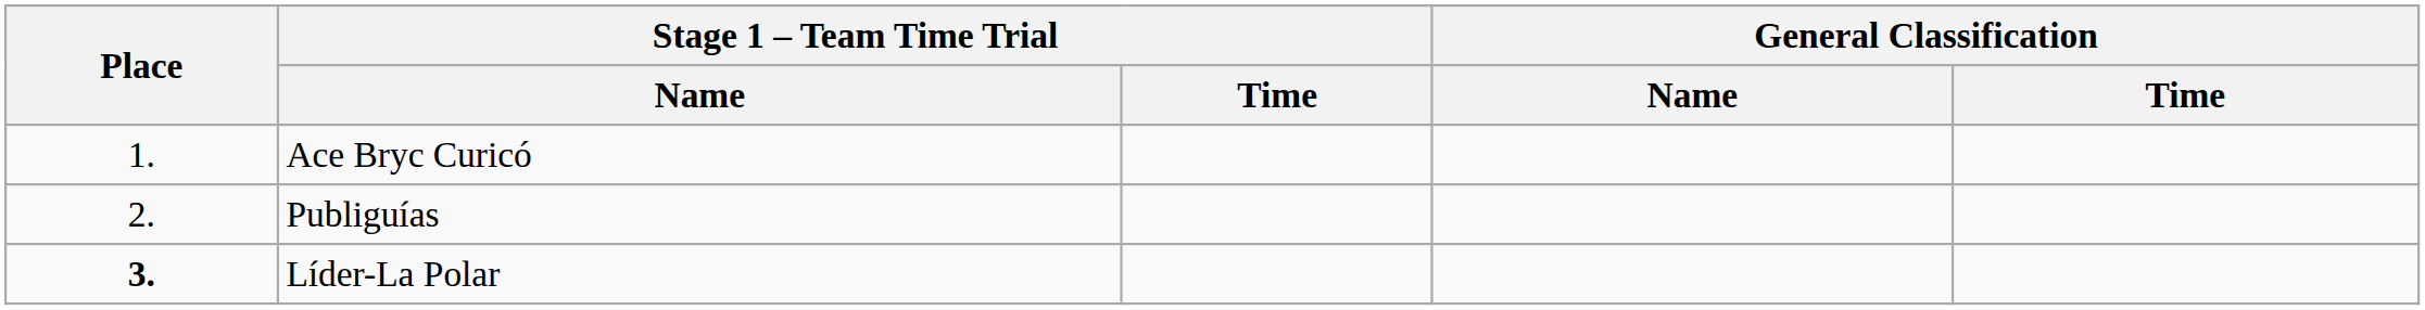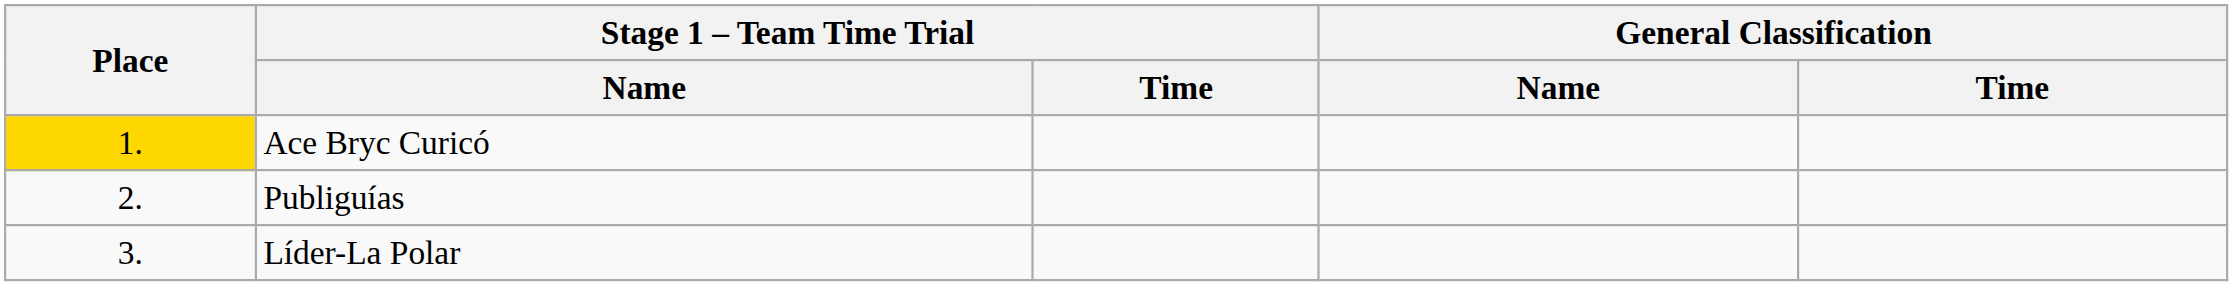 <table class=wikitable style="font-size:95%" width="80%">
 <tr>
 <th rowspan="2">Place</th>
 <th colspan="2">Stage 1 – Team Time Trial</th>
 <th colspan="2">General Classification</th>
 </tr>
 <tr>
 <th>Name</th>
 <th>Time</th>
 <th>Name</th>
 <th>Time</th>
 </tr>
 <tr>
-<td align="center">1.</td>
+<td align="center" style="background: gold;">1.</td>
 <td>Ace Bryc Curicó</td>
 <td></td>
 <td></td>
 <td></td>
 </tr>
 <tr>
 <td align="center">2.</td>
 <td>Publiguías</td>
 <td></td>
 <td></td>
 <td></td>
 </tr>
 <tr>
-<td align="center"><strong>3.</strong></td>
+<td align="center">3.</td>
 <td>Líder-La Polar</td>
 <td></td>
 <td></td>
 <td></td>
 </tr>
 </table>
